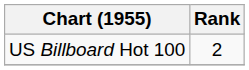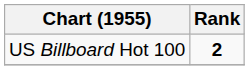 <table class="wikitable">
 <tr>
 <th>Chart (1955)</th>
 <th style="text-align:center;">Rank</th>
 </tr>
 <tr>
 <td>US <em>Billboard</em> Hot 100</td>
-<td style="text-align:center;">2</td>
+<td style="text-align:center;"><strong>2</strong></td>
 </tr>
 <tr>
 </tr>
 </table>
